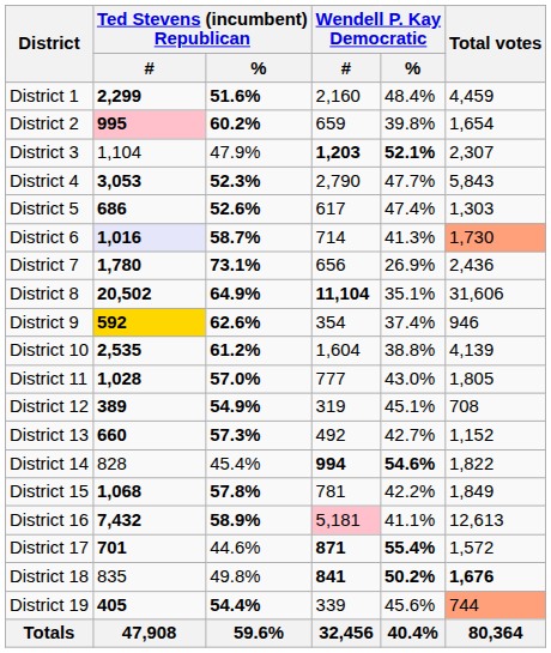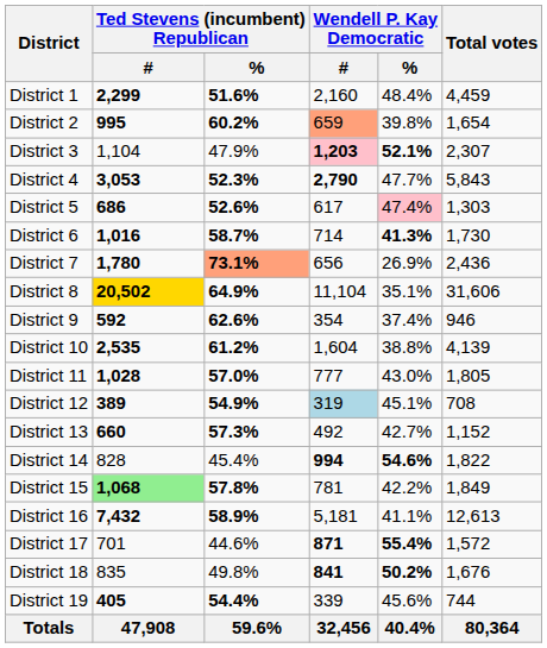 <table class="wikitable sortable">
 <tr>
 <th rowspan="2" scope="col">District</th>
 <th colspan="2" scope="col"><a href='#'>Ted Stevens</a> (incumbent)<br><a href='#'>Republican</a></th>
 <th colspan="2" scope="col"><a href='#'>Wendell P. Kay</a><br><a href='#'>Democratic</a></th>
 <th rowspan="2" scope="col">Total votes</th>
 </tr>
 <tr>
 <th>#</th>
 <th>%</th>
 <th>#</th>
 <th>%</th>
 </tr>
 <tr>
 <td>District 1</td>
 <td><strong>2,299</strong></td>
 <td><strong>51.6%</strong></td>
 <td>2,160</td>
 <td>48.4%</td>
 <td>4,459</td>
 </tr>
 <tr>
 <td>District 2</td>
-<td style="background: pink;"><strong>995</strong></td>
+<td><strong>995</strong></td>
 <td><strong>60.2%</strong></td>
-<td>659</td>
+<td style="background: lightsalmon;">659</td>
 <td>39.8%</td>
 <td>1,654</td>
 </tr>
 <tr>
 <td>District 3</td>
 <td>1,104</td>
 <td>47.9%</td>
-<td><strong>1,203</strong></td>
+<td style="background: pink;"><strong>1,203</strong></td>
 <td><strong>52.1%</strong></td>
 <td>2,307</td>
 </tr>
 <tr>
 <td>District 4</td>
 <td><strong>3,053</strong></td>
 <td><strong>52.3%</strong></td>
-<td>2,790</td>
+<td><strong>2,790</strong></td>
 <td>47.7%</td>
 <td>5,843</td>
 </tr>
 <tr>
 <td>District 5</td>
 <td><strong>686</strong></td>
 <td><strong>52.6%</strong></td>
 <td>617</td>
-<td>47.4%</td>
+<td style="background: pink;">47.4%</td>
 <td>1,303</td>
 </tr>
 <tr>
 <td>District 6</td>
-<td style="background: lavender;"><strong>1,016</strong></td>
+<td><strong>1,016</strong></td>
 <td><strong>58.7%</strong></td>
 <td>714</td>
-<td>41.3%</td>
-<td style="background: lightsalmon;">1,730</td>
+<td><strong>41.3%</strong></td>
+<td>1,730</td>
 </tr>
 <tr>
 <td>District 7</td>
 <td><strong>1,780</strong></td>
-<td><strong>73.1%</strong></td>
+<td style="background: lightsalmon;"><strong>73.1%</strong></td>
 <td>656</td>
 <td>26.9%</td>
 <td>2,436</td>
 </tr>
 <tr>
 <td>District 8</td>
-<td><strong>20,502</strong></td>
+<td style="background: gold;"><strong>20,502</strong></td>
 <td><strong>64.9%</strong></td>
-<td><strong>11,104</strong></td>
+<td>11,104</td>
 <td>35.1%</td>
 <td>31,606</td>
 </tr>
 <tr>
 <td>District 9</td>
-<td style="background: gold;"><strong>592</strong></td>
+<td><strong>592</strong></td>
 <td><strong>62.6%</strong></td>
 <td>354</td>
 <td>37.4%</td>
 <td>946</td>
 </tr>
 <tr>
 <td>District 10</td>
 <td><strong>2,535</strong></td>
 <td><strong>61.2%</strong></td>
 <td>1,604</td>
 <td>38.8%</td>
 <td>4,139</td>
 </tr>
 <tr>
 <td>District 11</td>
 <td><strong>1,028</strong></td>
 <td><strong>57.0%</strong></td>
 <td>777</td>
 <td>43.0%</td>
 <td>1,805</td>
 </tr>
 <tr>
 <td>District 12</td>
 <td><strong>389</strong></td>
 <td><strong>54.9%</strong></td>
-<td>319</td>
+<td style="background: lightblue;">319</td>
 <td>45.1%</td>
 <td>708</td>
 </tr>
 <tr>
 <td>District 13</td>
 <td><strong>660</strong></td>
 <td><strong>57.3%</strong></td>
 <td>492</td>
 <td>42.7%</td>
 <td>1,152</td>
 </tr>
 <tr>
 <td>District 14</td>
 <td>828</td>
 <td>45.4%</td>
 <td><strong>994</strong></td>
 <td><strong>54.6%</strong></td>
 <td>1,822</td>
 </tr>
 <tr>
 <td>District 15</td>
-<td><strong>1,068</strong></td>
+<td style="background: lightgreen;"><strong>1,068</strong></td>
 <td><strong>57.8%</strong></td>
 <td>781</td>
 <td>42.2%</td>
 <td>1,849</td>
 </tr>
 <tr>
 <td>District 16</td>
 <td><strong>7,432</strong></td>
 <td><strong>58.9%</strong></td>
-<td style="background: pink;">5,181</td>
+<td>5,181</td>
 <td>41.1%</td>
 <td>12,613</td>
 </tr>
 <tr>
 <td>District 17</td>
-<td><strong>701</strong></td>
+<td>701</td>
 <td>44.6%</td>
 <td><strong>871</strong></td>
 <td><strong>55.4%</strong></td>
 <td>1,572</td>
 </tr>
 <tr>
 <td>District 18</td>
 <td>835</td>
 <td>49.8%</td>
 <td><strong>841</strong></td>
 <td><strong>50.2%</strong></td>
-<td><strong>1,676</strong></td>
+<td>1,676</td>
 </tr>
 <tr>
 <td>District 19</td>
 <td><strong>405</strong></td>
 <td><strong>54.4%</strong></td>
 <td>339</td>
 <td>45.6%</td>
-<td style="background: lightsalmon;">744</td>
+<td>744</td>
 </tr>
 <tr>
 <th>Totals</th>
 <th>47,908</th>
 <th>59.6%</th>
 <th>32,456</th>
 <th>40.4%</th>
 <th>80,364</th>
 </tr>
 </table>
